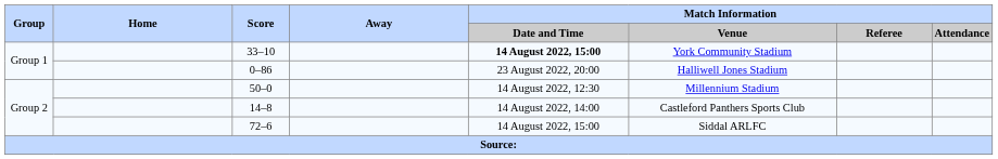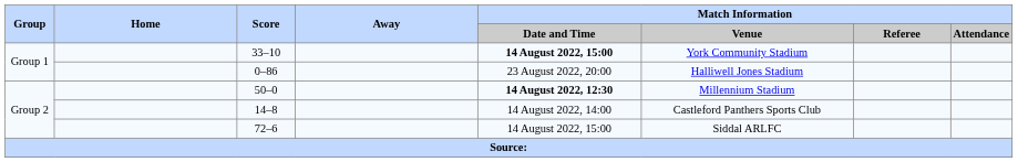 <table border=1 style="border-collapse:collapse; font-size:90%; text-align:center;" cellpadding=3 cellspacing=0 width=100%>
 <tr style="background:#c1d8ff;">
 <th scope="col" rowspan=2 width=5%>Group</th>
 <th scope="col" rowspan=2 width=19%>Home</th>
 <th scope="col" rowspan=2 width=6%>Score</th>
 <th scope="col" rowspan=2 width=19%>Away</th>
 <th colspan=4>Match Information</th>
 </tr>
 <tr style="background:#cccccc;">
 <th scope="col" width=17%>Date and Time</th>
 <th scope="col" width=22%>Venue</th>
 <th scope="col" width=10%>Referee</th>
 <th scope="col" width=7%>Attendance</th>
 </tr>
 <tr style="background:#f5faff;">
 <td rowspan=2>Group 1</td>
 <td></td>
 <td>33–10</td>
 <td></td>
 <td><strong>14 August 2022, 15:00</strong></td>
 <td><a href='#'>York Community Stadium</a></td>
 <td></td>
 <td></td>
 </tr>
 <tr style="background:#f5faff;">
 <td></td>
 <td>0–86</td>
 <td></td>
 <td>23 August 2022, 20:00 </td>
 <td><a href='#'>Halliwell Jones Stadium</a></td>
 <td></td>
 <td></td>
 </tr>
 <tr style="background:#f5faff;">
 <td rowspan=3>Group 2</td>
 <td></td>
 <td>50–0</td>
 <td></td>
-<td>14 August 2022, 12:30</td>
+<td><strong>14 August 2022, 12:30</strong></td>
 <td><a href='#'>Millennium Stadium</a></td>
 <td></td>
 <td></td>
 </tr>
 <tr style="background:#f5faff;">
 <td></td>
 <td>14–8</td>
 <td></td>
 <td>14 August 2022, 14:00</td>
 <td>Castleford Panthers Sports Club</td>
 <td></td>
 <td></td>
 </tr>
 <tr style="background:#f5faff;">
 <td></td>
 <td>72–6</td>
 <td></td>
 <td>14 August 2022, 15:00</td>
 <td>Siddal ARLFC</td>
 <td></td>
 <td></td>
 </tr>
 <tr style="background:#c1d8ff;">
 <th colspan=8>Source:</th>
 </tr>
 </table>
